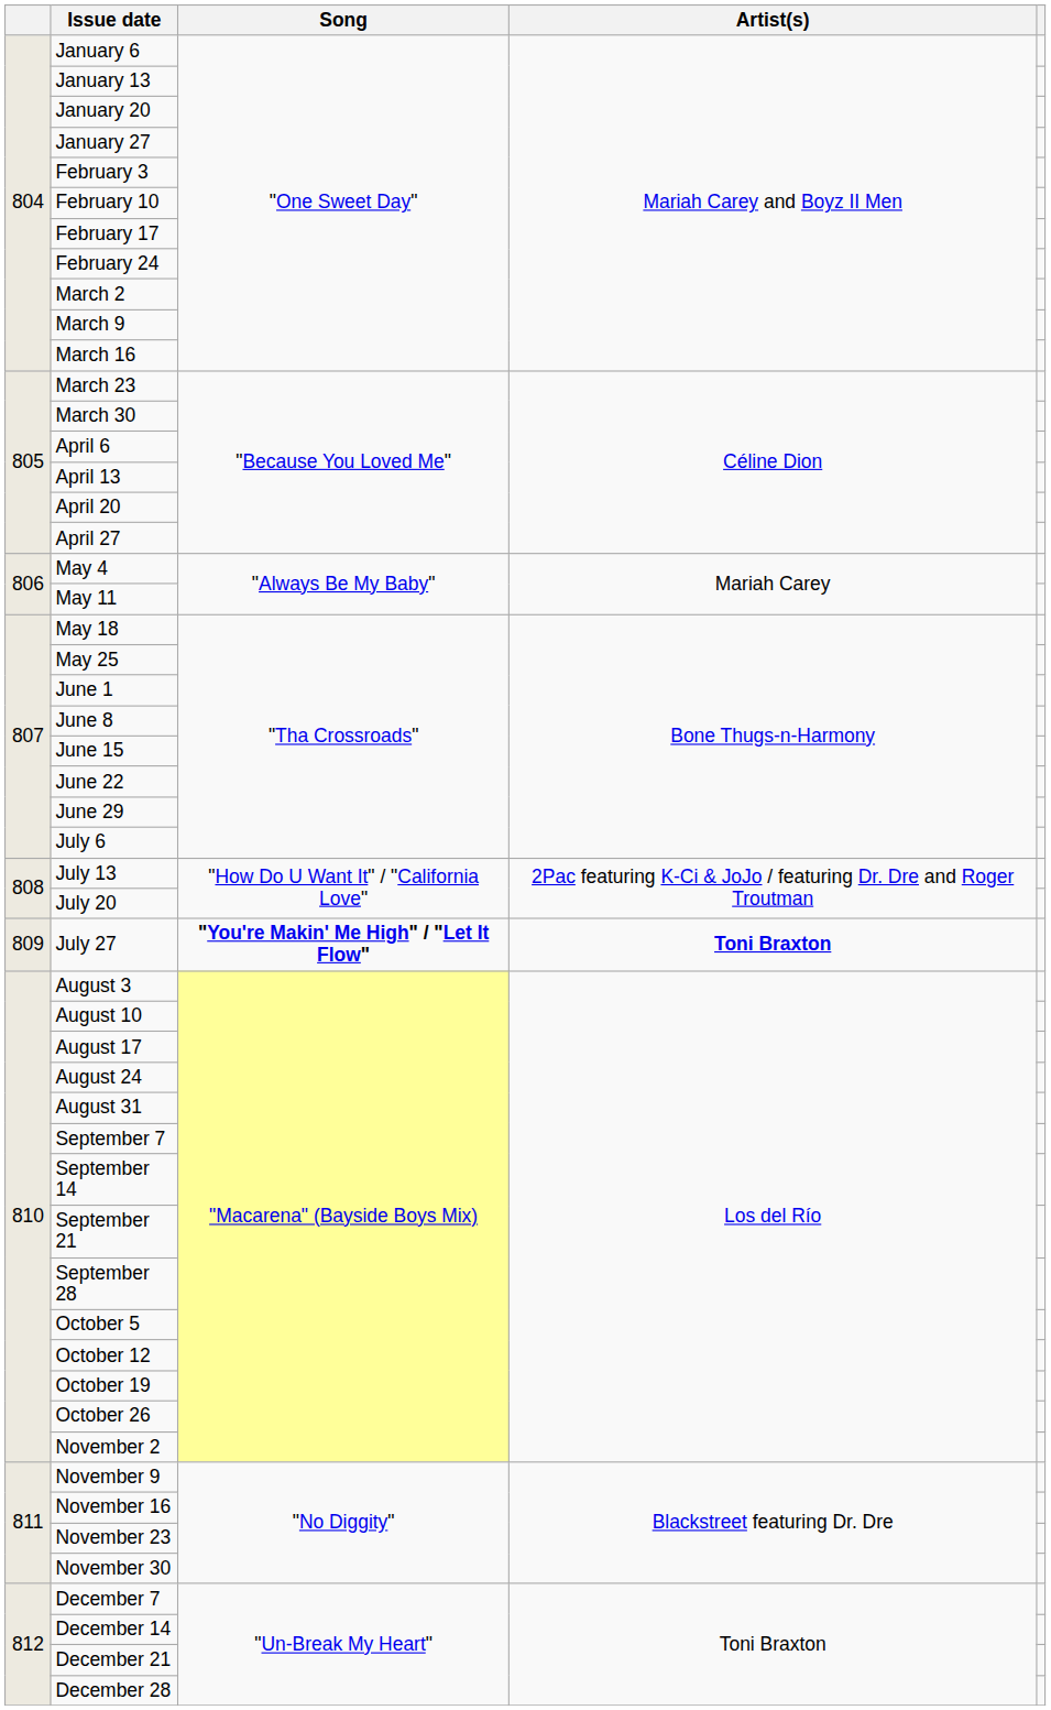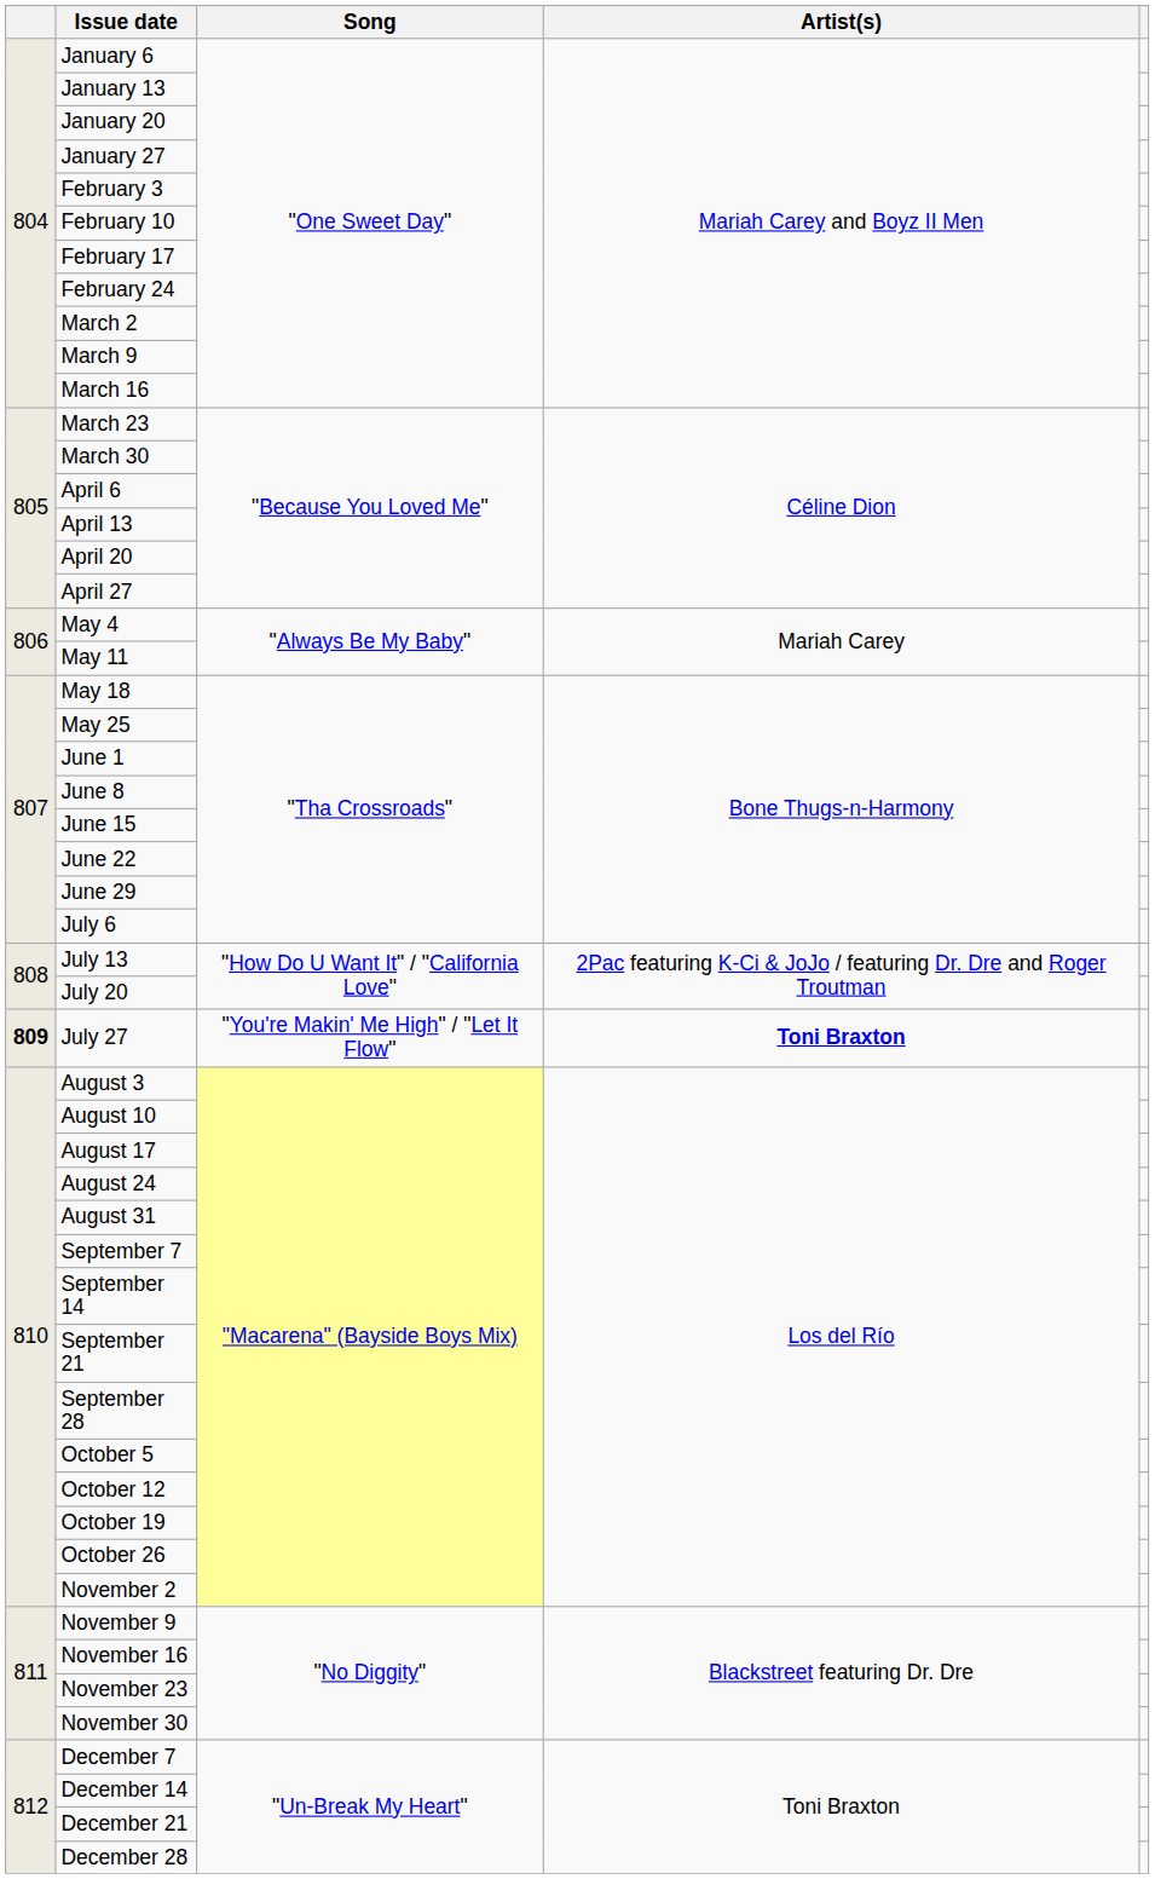 <table class="wikitable">
 <tr>
 <th width=31></th>
 <th align="center">Issue date</th>
 <th align="center">Song</th>
 <th align="center">Artist(s)</th>
 <th align="center"></th>
 </tr>
 <tr>
 <td bgcolor=#EDEAE0 align=center rowspan=11>804</td>
 <td>January 6</td>
 <td align="center" rowspan="11">"<a href='#'>One Sweet Day</a>"</td>
 <td align="center" rowspan="11"><a href='#'>Mariah Carey</a> and <a href='#'>Boyz II Men</a></td>
 <td align="center"></td>
 </tr>
 <tr>
 <td>January 13</td>
 <td align="center"></td>
 </tr>
 <tr>
 <td>January 20</td>
 <td align="center"></td>
 </tr>
 <tr>
 <td>January 27</td>
 <td align="center"></td>
 </tr>
 <tr>
 <td>February 3</td>
 <td align="center"></td>
 </tr>
 <tr>
 <td>February 10</td>
 <td align="center"></td>
 </tr>
 <tr>
 <td>February 17</td>
 <td align="center"></td>
 </tr>
 <tr>
 <td>February 24</td>
 <td align="center"></td>
 </tr>
 <tr>
 <td>March 2</td>
 <td align="center"></td>
 </tr>
 <tr>
 <td>March 9</td>
 <td align="center"></td>
 </tr>
 <tr>
 <td>March 16</td>
 <td align="center"></td>
 </tr>
 <tr>
 <td bgcolor=#EDEAE0 align=center rowspan=6>805</td>
 <td>March 23</td>
 <td align="center" rowspan="6">"<a href='#'>Because You Loved Me</a>"</td>
 <td align="center" rowspan="6"><a href='#'>Céline Dion</a></td>
 <td align="center"></td>
 </tr>
 <tr>
 <td>March 30</td>
 <td align="center"></td>
 </tr>
 <tr>
 <td>April 6</td>
 <td align="center"></td>
 </tr>
 <tr>
 <td>April 13</td>
 <td align="center"></td>
 </tr>
 <tr>
 <td>April 20</td>
 <td align="center"></td>
 </tr>
 <tr>
 <td>April 27</td>
 <td align="center"></td>
 </tr>
 <tr>
 <td bgcolor=#EDEAE0 align=center rowspan=2>806</td>
 <td>May 4</td>
 <td align="center" rowspan="2">"<a href='#'>Always Be My Baby</a>"</td>
 <td align="center" rowspan="2">Mariah Carey</td>
 <td align="center"></td>
 </tr>
 <tr>
 <td>May 11</td>
 <td align="center"></td>
 </tr>
 <tr>
 <td bgcolor=#EDEAE0 align=center rowspan=8>807</td>
 <td>May 18</td>
 <td align="center" rowspan="8">"<a href='#'>Tha Crossroads</a>"</td>
 <td align="center" rowspan="8"><a href='#'>Bone Thugs-n-Harmony</a></td>
 <td align="center"></td>
 </tr>
 <tr>
 <td>May 25</td>
 <td align="center"></td>
 </tr>
 <tr>
 <td>June 1</td>
 <td align="center"></td>
 </tr>
 <tr>
 <td>June 8</td>
 <td align="center"></td>
 </tr>
 <tr>
 <td>June 15</td>
 <td align="center"></td>
 </tr>
 <tr>
 <td>June 22</td>
 <td align="center"></td>
 </tr>
 <tr>
 <td>June 29</td>
 <td align="center"></td>
 </tr>
 <tr>
 <td>July 6</td>
 <td align="center"></td>
 </tr>
 <tr>
 <td bgcolor=#EDEAE0 align=center rowspan=2>808</td>
 <td>July 13</td>
 <td align="center" rowspan="2">"<a href='#'>How Do U Want It</a>" / "<a href='#'>California Love</a>"</td>
 <td align="center" rowspan="2"><a href='#'>2Pac</a> featuring <a href='#'>K-Ci & JoJo</a> / featuring <a href='#'>Dr. Dre</a> and <a href='#'>Roger Troutman</a></td>
 <td align="center"></td>
 </tr>
 <tr>
 <td>July 20</td>
 <td align="center"></td>
 </tr>
 <tr>
-<td bgcolor=#EDEAE0 align=center>809</td>
+<td bgcolor=#EDEAE0 align=center><strong>809</strong></td>
 <td>July 27</td>
-<td align="center"><strong>"<a href='#'>You're Makin' Me High</a>" / "<a href='#'>Let It Flow</a>"</strong></td>
+<td align="center">"<a href='#'>You're Makin' Me High</a>" / "<a href='#'>Let It Flow</a>"</td>
 <td align="center"><strong><a href='#'>Toni Braxton</a></strong></td>
 <td align="center"></td>
 </tr>
 <tr>
 <td bgcolor=#EDEAE0 align=center rowspan=14>810</td>
 <td>August 3</td>
 <td bgcolor=#FFFF99 align="center" rowspan="14"><a href='#'>"Macarena" (Bayside Boys Mix)</a></td>
 <td align="center" rowspan="14"><a href='#'>Los del Río</a></td>
 <td align="center"></td>
 </tr>
 <tr>
 <td>August 10</td>
 <td align="center"></td>
 </tr>
 <tr>
 <td>August 17</td>
 <td align="center"></td>
 </tr>
 <tr>
 <td>August 24</td>
 <td align="center"></td>
 </tr>
 <tr>
 <td>August 31</td>
 <td align="center"></td>
 </tr>
 <tr>
 <td>September 7</td>
 <td align="center"></td>
 </tr>
 <tr>
 <td>September 14</td>
 <td align="center"></td>
 </tr>
 <tr>
 <td>September 21</td>
 <td align="center"></td>
 </tr>
 <tr>
 <td>September 28</td>
 <td align="center"></td>
 </tr>
 <tr>
 <td>October 5</td>
 <td align="center"></td>
 </tr>
 <tr>
 <td>October 12</td>
 <td align="center"></td>
 </tr>
 <tr>
 <td>October 19</td>
 <td align="center"></td>
 </tr>
 <tr>
 <td>October 26</td>
 <td align="center"></td>
 </tr>
 <tr>
 <td>November 2</td>
 <td align="center"></td>
 </tr>
 <tr>
 <td bgcolor=#EDEAE0 align=center rowspan=4>811</td>
 <td>November 9</td>
 <td align="center" rowspan="4">"<a href='#'>No Diggity</a>"</td>
 <td align="center" rowspan="4"><a href='#'>Blackstreet</a> featuring Dr. Dre</td>
 <td align="center"></td>
 </tr>
 <tr>
 <td>November 16</td>
 <td align="center"></td>
 </tr>
 <tr>
 <td>November 23</td>
 <td align="center"></td>
 </tr>
 <tr>
 <td>November 30</td>
 <td align="center"></td>
 </tr>
 <tr>
 <td bgcolor=#EDEAE0 align=center rowspan=4>812</td>
 <td>December 7</td>
 <td align="center" rowspan="4">"<a href='#'>Un-Break My Heart</a>"</td>
 <td align="center" rowspan="4">Toni Braxton</td>
 <td align="center"></td>
 </tr>
 <tr>
 <td>December 14</td>
 <td align="center"></td>
 </tr>
 <tr>
 <td>December 21</td>
 <td align="center"></td>
 </tr>
 <tr>
 <td>December 28</td>
 <td align="center"></td>
 </tr>
 <tr>
 </tr>
 </table>
